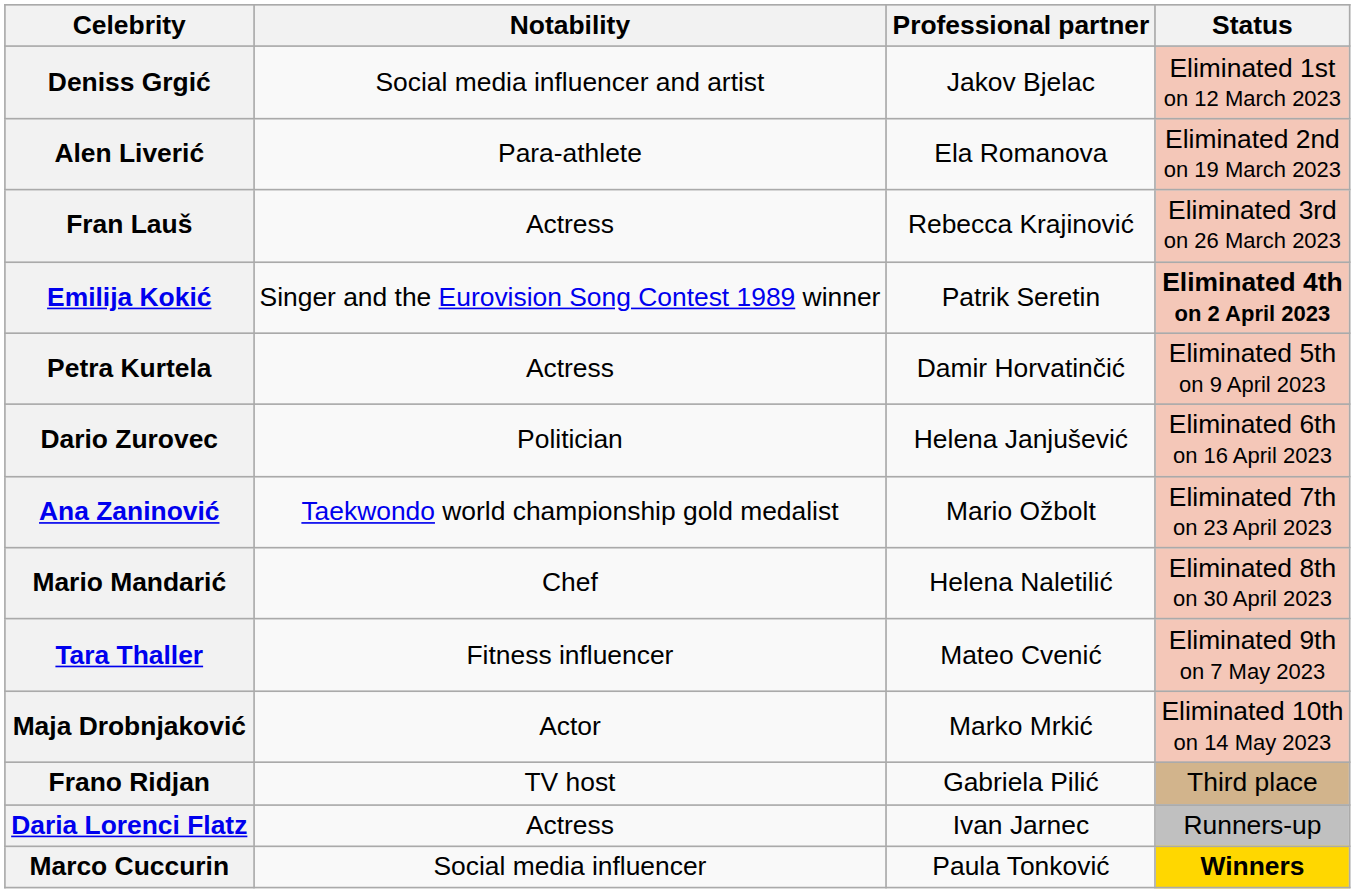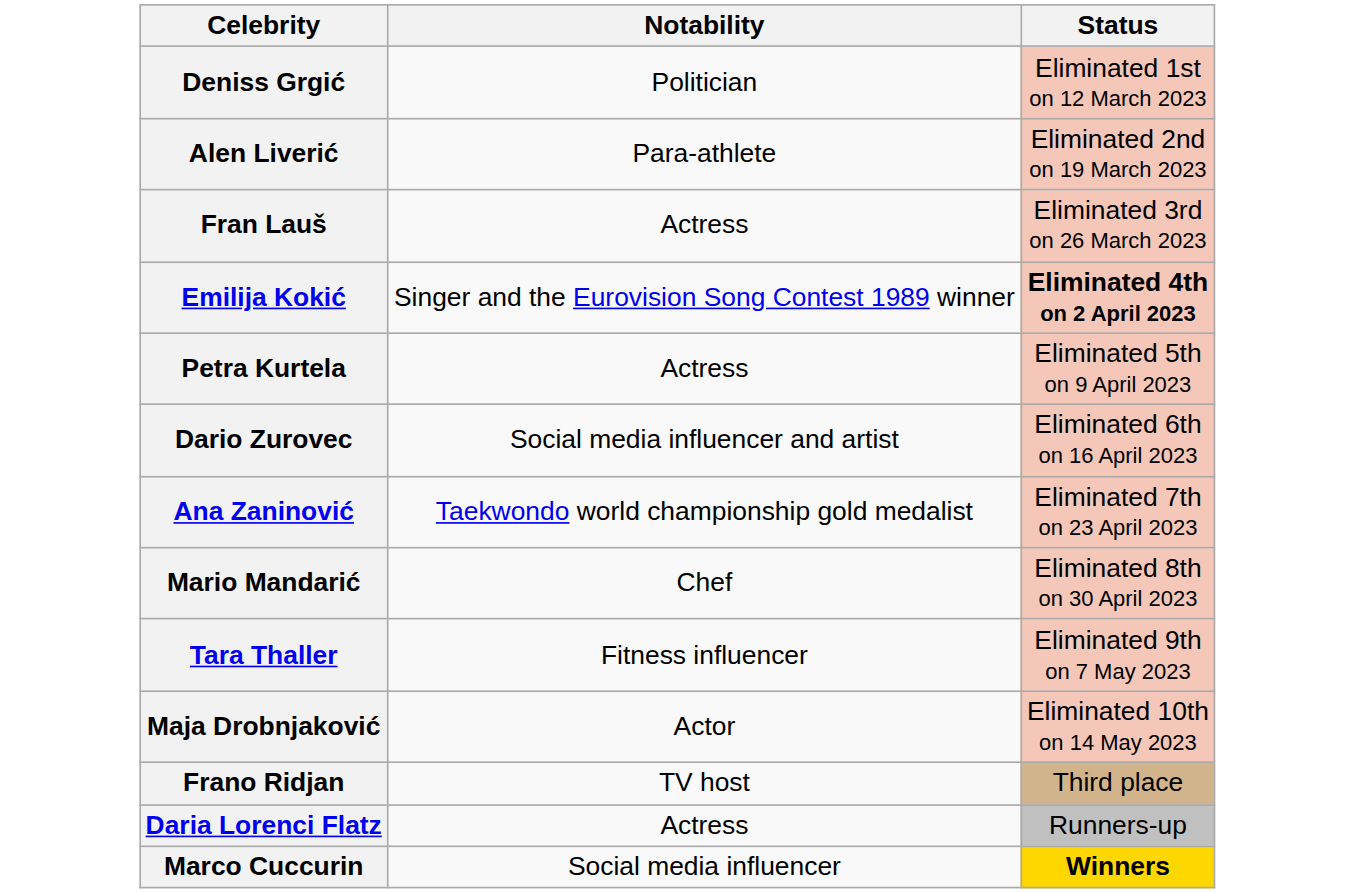 <table class= "wikitable sortable" style="text-align: center; margin:auto; align: center,">
 <tr>
 <th scope="col">Celebrity</th>
 <th scope="col" class="unsortable">Notability</th>
-<th scope="col">Professional partner</th>
 <th scope="col">Status</th>
 </tr>
 <tr>
 <th>Deniss Grgić</th>
-<td>Social media influencer and artist</td>
-<td>Jakov Bjelac</td>
+<td>Politician</td>
 <td bgcolor=#f4c7b8>Eliminated 1st<br><small>on 12 March 2023</small></td>
 </tr>
 <tr>
 <th>Alen Liverić</th>
 <td>Para-athlete</td>
-<td>Ela Romanova</td>
 <td bgcolor=#f4c7b8>Eliminated 2nd<br><small>on 19 March 2023</small></td>
 </tr>
 <tr>
 <th>Fran Lauš</th>
 <td>Actress</td>
-<td>Rebecca Krajinović</td>
 <td bgcolor=#f4c7b8>Eliminated 3rd<br><small>on 26 March 2023</small></td>
 </tr>
 <tr>
 <th><a href='#'>Emilija Kokić</a></th>
 <td>Singer and the <a href='#'>Eurovision Song Contest 1989</a> winner</td>
-<td>Patrik Seretin</td>
 <td bgcolor=#f4c7b8><strong>Eliminated 4th<br><small>on 2 April 2023</small></strong></td>
 </tr>
 <tr>
 <th>Petra Kurtela</th>
 <td>Actress</td>
-<td>Damir Horvatinčić</td>
 <td bgcolor=#f4c7b8>Eliminated 5th<br><small>on 9 April 2023</small></td>
 </tr>
 <tr>
 <th>Dario Zurovec</th>
-<td>Politician</td>
-<td>Helena Janjušević</td>
+<td>Social media influencer and artist</td>
 <td bgcolor=#f4c7b8>Eliminated 6th<br><small>on 16 April 2023</small></td>
 </tr>
 <tr>
 <th><a href='#'>Ana Zaninović</a></th>
 <td><a href='#'>Taekwondo</a> world championship gold medalist</td>
-<td>Mario Ožbolt</td>
 <td bgcolor=#f4c7b8>Eliminated 7th<br><small>on 23 April 2023</small></td>
 </tr>
 <tr>
 <th>Mario Mandarić</th>
 <td>Chef</td>
-<td>Helena Naletilić</td>
 <td bgcolor=#f4c7b8>Eliminated 8th<br><small>on 30 April 2023</small></td>
 </tr>
 <tr>
 <th><a href='#'>Tara Thaller</a></th>
 <td>Fitness influencer</td>
-<td>Mateo Cvenić</td>
 <td bgcolor=#f4c7b8>Eliminated 9th<br><small>on 7 May 2023</small></td>
 </tr>
 <tr>
 <th>Maja Drobnjaković</th>
 <td>Actor</td>
-<td>Marko Mrkić</td>
 <td bgcolor="#f4c7b8">Eliminated 10th<br><small>on 14 May 2023</small></td>
 </tr>
 <tr>
 <th>Frano Ridjan</th>
 <td>TV host</td>
-<td>Gabriela Pilić</td>
 <td style="background:tan">Third place<br></td>
 </tr>
 <tr>
 <th><a href='#'>Daria Lorenci Flatz</a></th>
 <td>Actress</td>
-<td>Ivan Jarnec</td>
 <td style="background:silver">Runners-up<br></td>
 </tr>
 <tr>
 <th>Marco Cuccurin</th>
 <td>Social media influencer</td>
-<td>Paula Tonković</td>
 <td style="background:gold"><strong>Winners</strong><br></td>
 </tr>
 </table>
